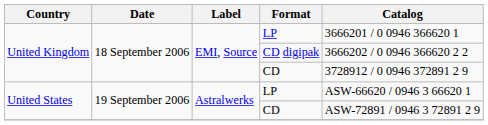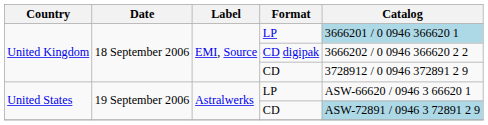 <table class="wikitable" style="font-size: 100%">
 <tr>
 <th>Country</th>
 <th>Date</th>
 <th>Label</th>
 <th>Format</th>
 <th>Catalog</th>
 </tr>
 <tr>
 <td rowspan="3"><a href='#'>United Kingdom</a></td>
 <td rowspan="3">18 September 2006</td>
 <td rowspan="3"><a href='#'>EMI</a>, <a href='#'>Source</a></td>
 <td><a href='#'>LP</a></td>
-<td>3666201 / 0 0946 366620 1</td>
+<td style="background: lightblue;">3666201 / 0 0946 366620 1</td>
 </tr>
 <tr>
 <td><a href='#'>CD</a> <a href='#'>digipak</a></td>
 <td>3666202 / 0 0946 366620 2 2</td>
 </tr>
 <tr>
 <td>CD</td>
 <td>3728912 / 0 0946 372891 2 9</td>
 </tr>
 <tr>
 <td rowspan="2"><a href='#'>United States</a></td>
 <td rowspan="2">19 September 2006</td>
 <td rowspan="2"><a href='#'>Astralwerks</a></td>
 <td>LP</td>
 <td>ASW-66620 / 0946 3 66620 1</td>
 </tr>
 <tr>
 <td>CD</td>
-<td>ASW-72891 / 0946 3 72891 2 9</td>
+<td style="background: lightblue;">ASW-72891 / 0946 3 72891 2 9</td>
 </tr>
 <tr>
 </tr>
 </table>
